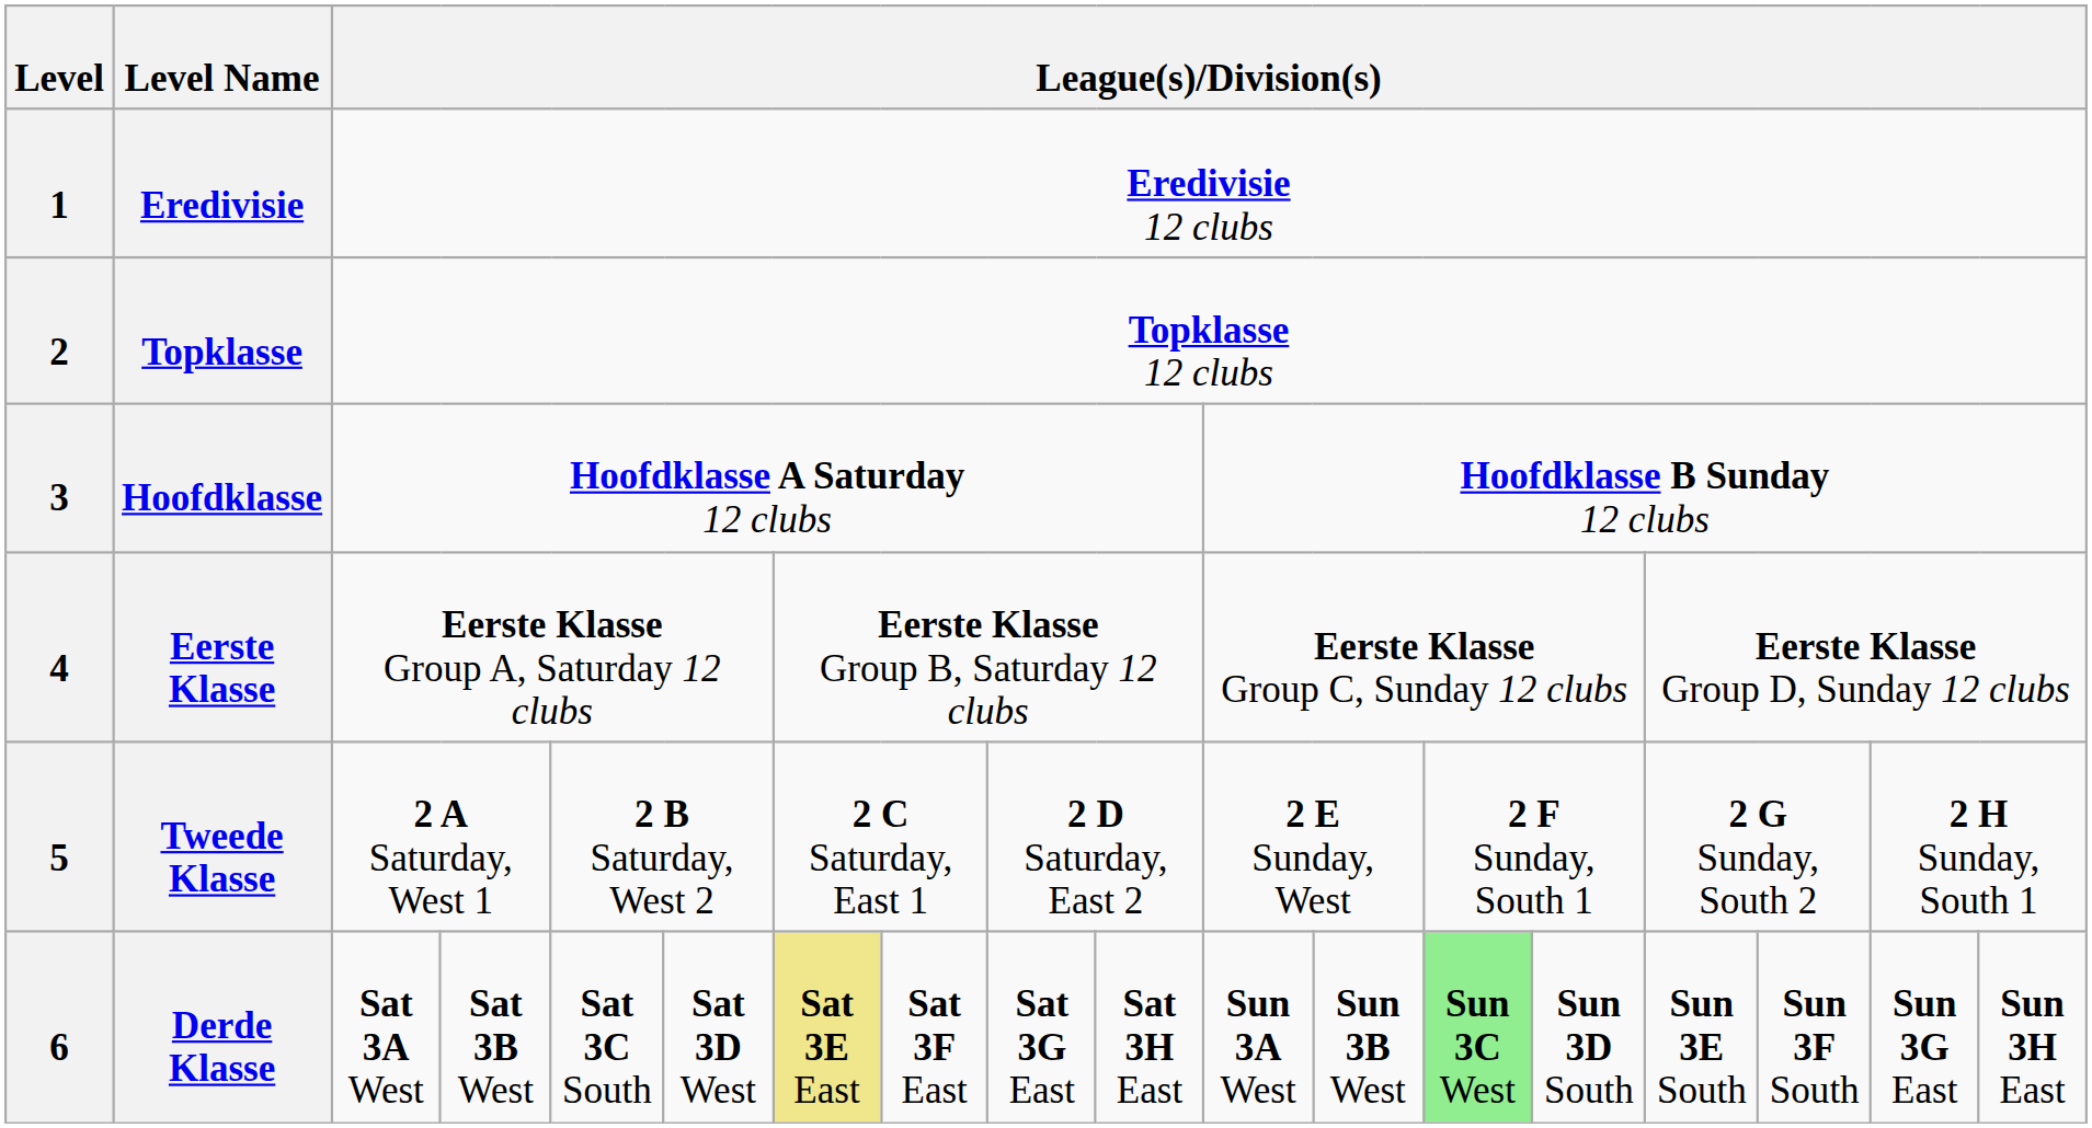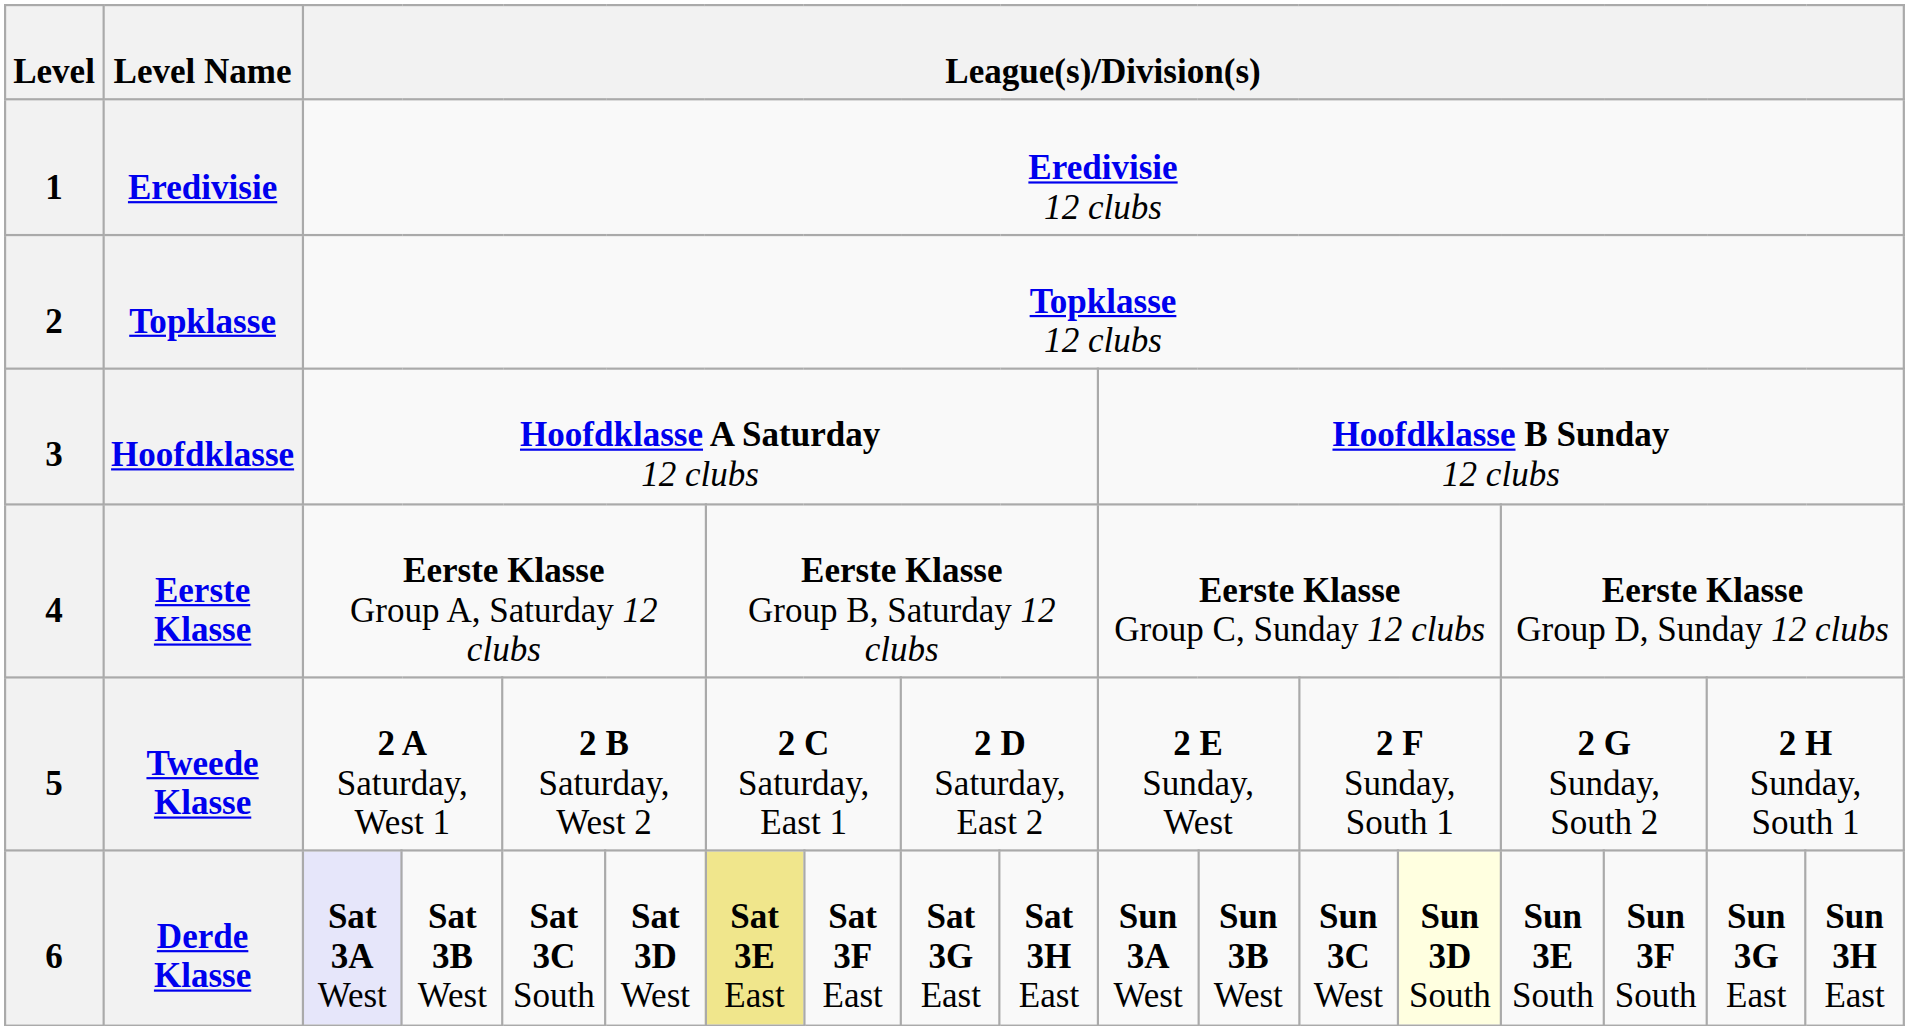 <table class="wikitable" style="text-align: center;">
 <tr>
 <th colspan="1" width="2%"><br>Level</th>
 <th colspan="1" width="8%"><br>Level Name</th>
 <th colspan="16" width="90%"><br>League(s)/Division(s)</th>
 </tr>
 <tr>
 <th colspan="1" width="4%"><br>1</th>
 <th colspan="1" width="8%"><br><a href='#'>Eredivisie</a></th>
 <td colspan="16" width="90%"><br><strong><a href='#'>Eredivisie</a></strong><br> <em>12 clubs</em></td>
 </tr>
 <tr>
 <th colspan="1" width="4%"><br>2</th>
 <th colspan="1" width="8%"><br><a href='#'>Topklasse</a></th>
 <td colspan="16" width="88%"><br><strong><a href='#'>Topklasse</a></strong><br> <em>12 clubs</em></td>
 </tr>
 <tr>
 <th colspan="1" width="4%"><br>3</th>
 <th colspan="1" width="8%"><br><a href='#'>Hoofdklasse</a></th>
 <td colspan="8 " width="44%"><br><strong><a href='#'>Hoofdklasse</a> A Saturday</strong><br> <em>12 clubs</em></td>
 <td colspan="8 " width="44%"><br><strong><a href='#'>Hoofdklasse</a> B Sunday</strong><br> <em>12 clubs</em></td>
 </tr>
 <tr>
 <th colspan="1" width="4%"><br>4</th>
 <th colspan="1" width="8%"><br><a href='#'>Eerste Klasse</a></th>
 <td colspan="4" width="22%"><br><strong>Eerste Klasse</strong><br> Group A, Saturday <em>12 clubs</em></td>
 <td colspan="4" width="22%"><br><strong>Eerste Klasse</strong><br> Group B, Saturday <em>12 clubs</em></td>
 <td colspan="4" width="22%"><br><strong>Eerste Klasse</strong><br> Group C, Sunday <em>12 clubs</em></td>
 <td colspan="4" width="22%"><br><strong>Eerste Klasse</strong><br> Group D, Sunday <em>12 clubs</em></td>
 </tr>
 <tr>
 <th colspan="1" width="4%"><br>5</th>
 <th colspan="1" width="8%"><br><a href='#'>Tweede Klasse</a></th>
 <td colspan="2" width="11%"><br><strong>2 A</strong><br> Saturday, West 1</td>
 <td colspan="2" width="11%"><br><strong>2 B</strong><br> Saturday, West 2</td>
 <td colspan="2" width="11%"><br><strong>2 C</strong><br> Saturday, East 1</td>
 <td colspan="2" width="11%"><br><strong>2 D</strong><br> Saturday, East 2</td>
 <td colspan="2" width="11%"><br><strong>2 E</strong><br> Sunday, West</td>
 <td colspan="2" width="11%"><br><strong>2 F</strong><br> Sunday, South 1</td>
 <td colspan="2" width="11%"><br><strong>2 G</strong><br> Sunday, South 2</td>
 <td colspan="2" width="11%"><br><strong>2 H</strong><br> Sunday, South 1</td>
 </tr>
 <tr>
 <th colspan="1" width="4%"><br>6</th>
 <th colspan="1" width="8%"><br><a href='#'>Derde Klasse</a></th>
-<td colspan="1" width="5.5%"><br><strong>Sat 3A</strong><br> West</td>
+<td colspan="1" width="5.5%" style="background: lavender;"><br><strong>Sat 3A</strong><br> West</td>
 <td colspan="1" width="5.5%"><br><strong>Sat 3B</strong><br> West</td>
 <td colspan="1" width="5.5%"><br><strong>Sat 3C</strong><br> South</td>
 <td colspan="1" width="5.5%"><br><strong>Sat 3D</strong><br> West</td>
 <td colspan="1" width="5.5%" style="background: khaki;"><br><strong>Sat 3E</strong><br> East</td>
 <td colspan="1" width="5.5%"><br><strong>Sat 3F</strong><br> East</td>
 <td colspan="1" width="5.5%"><br><strong>Sat 3G</strong><br> East</td>
 <td colspan="1" width="5.5%"><br><strong>Sat 3H</strong><br> East</td>
 <td colspan="1" width="5.5%"><br><strong>Sun 3A</strong><br> West</td>
 <td colspan="1" width="5.5%"><br><strong>Sun 3B</strong><br> West</td>
-<td colspan="1" width="5.5%" style="background: lightgreen;"><br><strong>Sun 3C</strong><br> West</td>
-<td colspan="1" width="5.5%"><br><strong>Sun 3D</strong><br> South</td>
+<td colspan="1" width="5.5%"><br><strong>Sun 3C</strong><br> West</td>
+<td colspan="1" width="5.5%" style="background: lightyellow;"><br><strong>Sun 3D</strong><br> South</td>
 <td colspan="1" width="5.5%"><br><strong>Sun 3E</strong><br> South</td>
 <td colspan="1" width="5.5%"><br><strong>Sun 3F</strong><br> South</td>
 <td colspan="1" width="5.5%"><br><strong>Sun 3G</strong><br> East</td>
 <td colspan="1" width="5.5%"><br><strong>Sun 3H</strong><br> East</td>
 </tr>
 </table>
